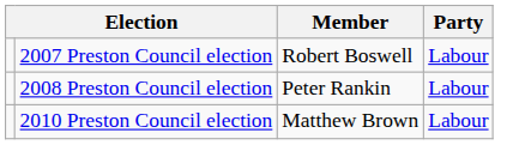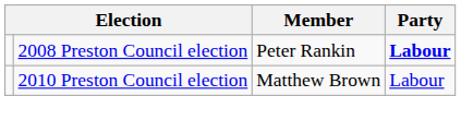 <table class="wikitable">
 <tr>
 <th colspan="2">Election</th>
 <th>Member</th>
 <th>Party</th>
 </tr>
 <tr>
 <td style="background-color: "></td>
-<td><a href='#'>2007 Preston Council election</a></td>
-<td>Robert Boswell</td>
-<td><a href='#'>Labour</a></td>
-</tr>
-<tr>
-<td style="background-color: "></td>
 <td><a href='#'>2008 Preston Council election</a></td>
 <td>Peter Rankin</td>
-<td><a href='#'>Labour</a></td>
+<td><strong><a href='#'>Labour</a></strong></td>
 </tr>
 <tr>
 <td style="background-color: "></td>
 <td><a href='#'>2010 Preston Council election</a></td>
 <td>Matthew Brown</td>
 <td><a href='#'>Labour</a></td>
 </tr>
 </table>
